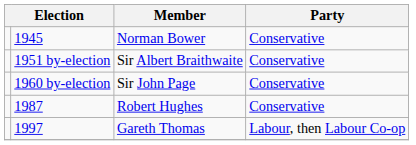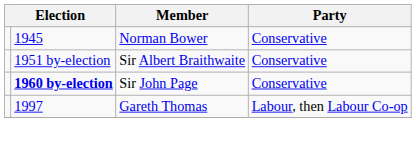 <table class="wikitable">
 <tr>
 <th colspan="2">Election</th>
 <th>Member</th>
 <th>Party</th>
 </tr>
 <tr>
 <td style="color:inherit;background-color: "></td>
 <td><a href='#'>1945</a></td>
 <td><a href='#'>Norman Bower</a></td>
 <td><a href='#'>Conservative</a></td>
 </tr>
 <tr>
 <td style="color:inherit;background-color: "></td>
 <td><a href='#'>1951 by-election</a></td>
 <td>Sir <a href='#'>Albert Braithwaite</a></td>
 <td><a href='#'>Conservative</a></td>
 </tr>
 <tr>
 <td style="color:inherit;background-color: "></td>
-<td><a href='#'>1960 by-election</a></td>
+<td><strong><a href='#'>1960 by-election</a></strong></td>
 <td>Sir <a href='#'>John Page</a></td>
-<td><a href='#'>Conservative</a></td>
-</tr>
-<tr>
-<td style="color:inherit;background-color: "></td>
-<td><a href='#'>1987</a></td>
-<td><a href='#'>Robert Hughes</a></td>
 <td><a href='#'>Conservative</a></td>
 </tr>
 <tr>
 <td style="color:inherit;background-color: "></td>
 <td><a href='#'>1997</a></td>
 <td><a href='#'>Gareth Thomas</a></td>
 <td><a href='#'>Labour</a>, then <a href='#'>Labour Co-op</a></td>
 </tr>
 <tr>
 </tr>
 </table>
